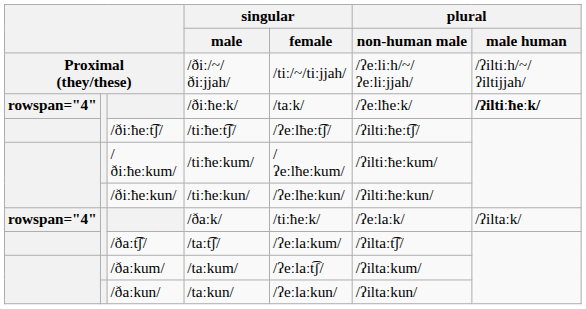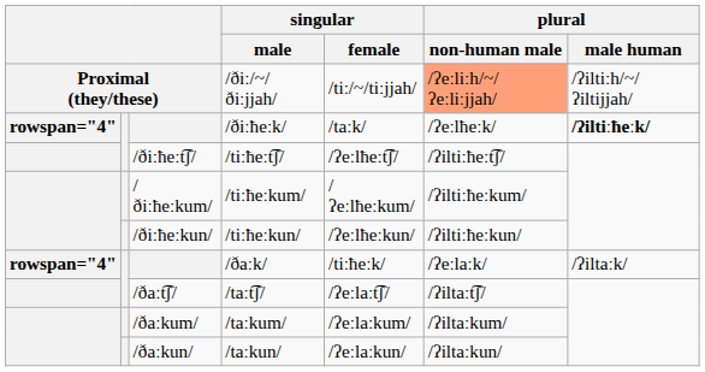 <table class="wikitable">
 <tr>
 <th rowspan="2" colspan="3"></th>
 <th colspan="2">singular</th>
 <th colspan="2">plural</th>
 </tr>
 <tr>
 <th>male</th>
 <th>female</th>
 <th>non-human male</th>
 <th>male human</th>
 </tr>
 <tr>
 <th colspan="3">Proximal<br>(they/these)</th>
 <td>/ðiː/~/ðiːjjah/</td>
 <td>/tiː/~/tiːjjah/</td>
-<td>/ʔeːliːh/~/ʔeːliːjjah/</td>
+<td style="background: lightsalmon;">/ʔeːliːh/~/ʔeːliːjjah/</td>
 <td>/ʔiltiːh/~/ʔiltijjah/</td>
 </tr>
 <tr>
 <th>rowspan="4" </th>
 <th rowspan="2"></th>
 <th></th>
 <td>/ðiːħeːk/</td>
 <td>/taːk/</td>
 <td>/ʔeːlħeːk/</td>
 <td><strong>/ʔiltiːħeːk/</strong></td>
 </tr>
 <tr>
 <th></th>
 <td>/ðiːħeːt͡ʃ/</td>
 <td>/tiːħeːt͡ʃ/</td>
 <td>/ʔeːlħeːt͡ʃ/</td>
 <td>/ʔiltiːħeːt͡ʃ/</td>
 </tr>
 <tr>
 <th rowspan="2"></th>
 <th></th>
 <td>/ðiːħeːkum/</td>
 <td>/tiːħeːkum/</td>
 <td>/ʔeːlħeːkum/</td>
 <td>/ʔiltiːħeːkum/</td>
 </tr>
 <tr>
 <th></th>
 <td>/ðiːħeːkun/</td>
 <td>/tiːħeːkun/</td>
 <td>/ʔeːlħeːkun/</td>
 <td>/ʔiltiːħeːkun/</td>
 </tr>
 <tr>
 <th>rowspan="4" </th>
 <th rowspan="2"></th>
 <th></th>
 <td>/ðaːk/</td>
 <td>/tiːħeːk/</td>
 <td>/ʔeːlaːk/</td>
 <td>/ʔiltaːk/</td>
 </tr>
 <tr>
 <th></th>
 <td>/ðaːt͡ʃ/</td>
 <td>/taːt͡ʃ/</td>
-<td>/ʔeːlaːkum/</td>
+<td>/ʔeːlaːt͡ʃ/</td>
 <td>/ʔiltaːt͡ʃ/</td>
 </tr>
 <tr>
 <th rowspan="2"></th>
 <th></th>
 <td>/ðaːkum/</td>
 <td>/taːkum/</td>
-<td>/ʔeːlaːt͡ʃ/</td>
+<td>/ʔeːlaːkum/</td>
 <td>/ʔiltaːkum/</td>
 </tr>
 <tr>
 <th></th>
 <td>/ðaːkun/</td>
 <td>/taːkun/</td>
 <td>/ʔeːlaːkun/</td>
 <td>/ʔiltaːkun/</td>
 </tr>
 </table>
